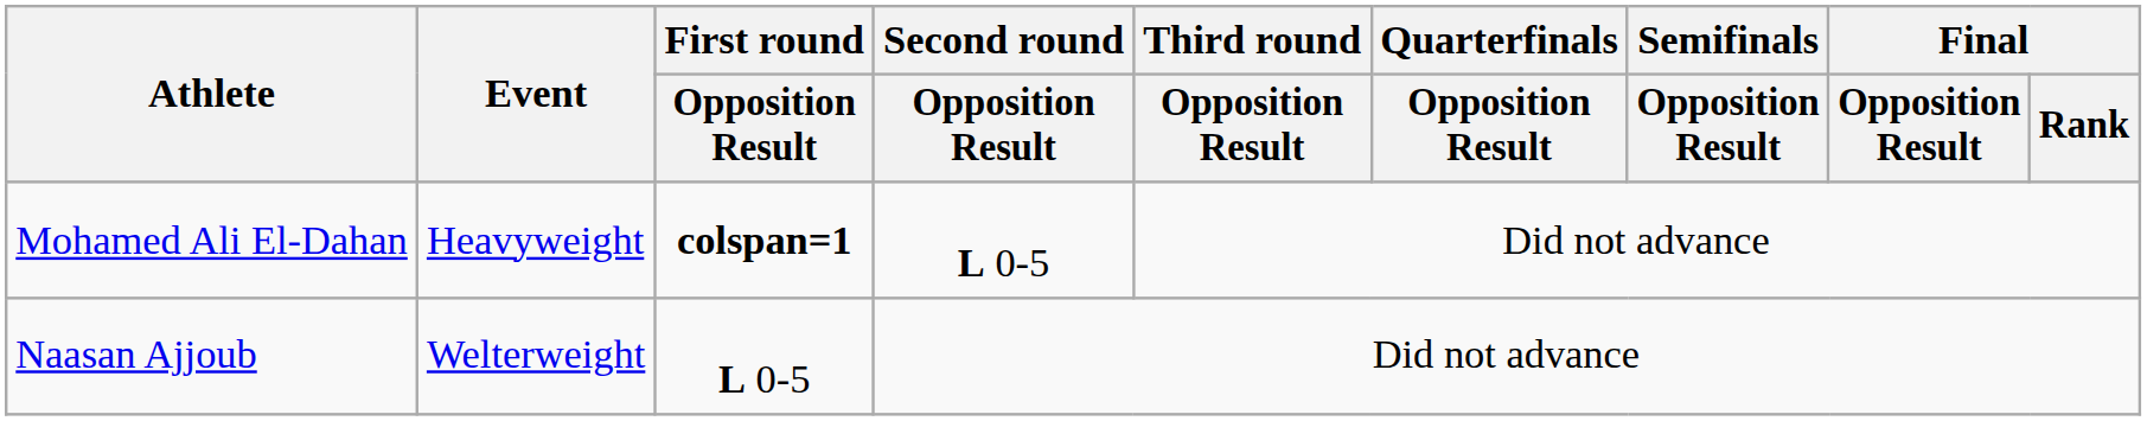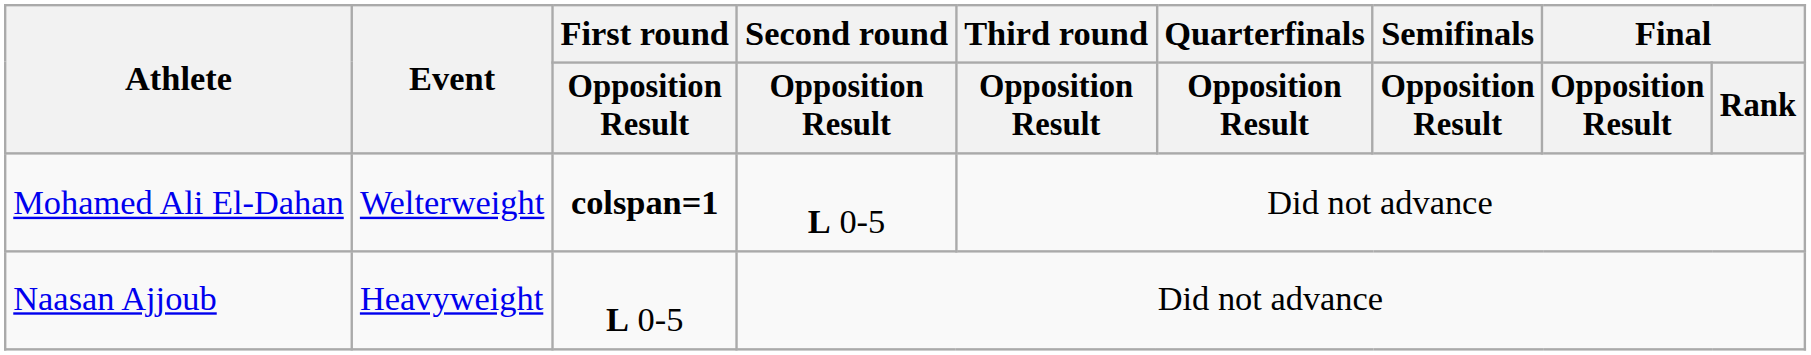 <table class="wikitable" style="font-size:90%">
 <tr>
 <th rowspan="2">Athlete</th>
 <th rowspan="2">Event</th>
 <th>First round</th>
 <th>Second round</th>
 <th>Third round</th>
 <th>Quarterfinals</th>
 <th>Semifinals</th>
 <th colspan=2>Final</th>
 </tr>
 <tr style="font-size:95%">
 <th>Opposition<br>Result</th>
 <th>Opposition<br>Result</th>
 <th>Opposition<br>Result</th>
 <th>Opposition<br>Result</th>
 <th>Opposition<br>Result</th>
 <th>Opposition<br>Result</th>
 <th>Rank</th>
 </tr>
 <tr align=center>
 <td align=left><a href='#'>Mohamed Ali El-Dahan</a></td>
-<td align=left><a href='#'>Heavyweight</a></td>
+<td align=left><a href='#'>Welterweight</a></td>
 <td><strong>colspan=1 </strong></td>
 <td><br><strong>L</strong> 0-5</td>
 <td colspan=5>Did not advance</td>
 </tr>
 <tr align=center>
 <td align=left><a href='#'>Naasan Ajjoub</a></td>
-<td align=left><a href='#'>Welterweight</a></td>
+<td align=left><a href='#'>Heavyweight</a></td>
 <td><br><strong>L</strong> 0-5</td>
 <td colspan=6>Did not advance</td>
 </tr>
 </table>
